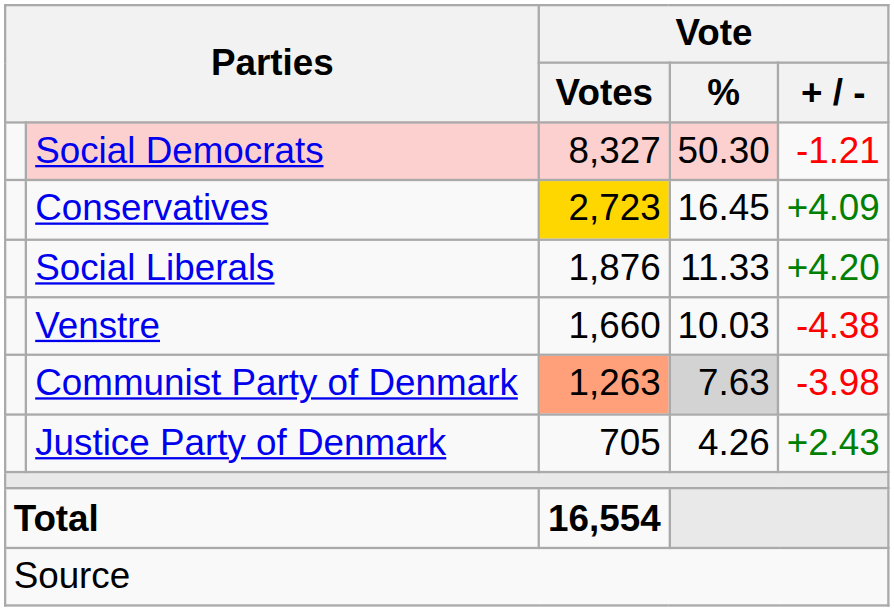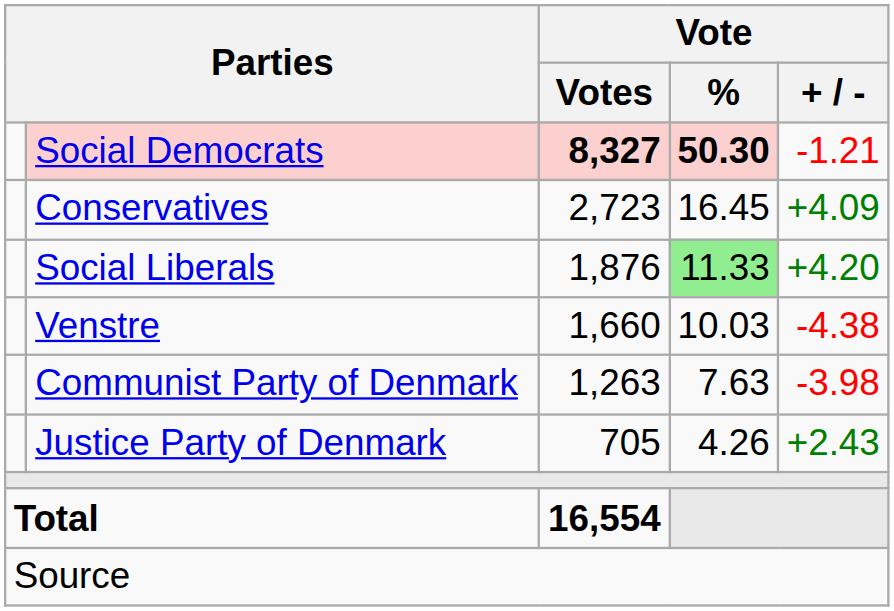 <table class="wikitable" style="text-align:right;">
 <tr>
 <th style="text-align:centre;" rowspan="2" colspan="2" width="225">Parties</th>
 <th colspan="3">Vote</th>
 </tr>
 <tr>
 <th width="15">Votes</th>
 <th width="15">%</th>
 <th width="15">+ / -</th>
 </tr>
 <tr>
 <td width="2" style="color:inherit;background:"></td>
 <td bgcolor=#fbd0ce  align="left"><a href='#'>Social Democrats</a></td>
-<td bgcolor=#fbd0ce>8,327</td>
-<td bgcolor=#fbd0ce>50.30</td>
+<td bgcolor=#fbd0ce><strong>8,327</strong></td>
+<td bgcolor=#fbd0ce><strong>50.30</strong></td>
 <td style=color:red;>-1.21</td>
 </tr>
 <tr>
 <td width="2" style="color:inherit;background:"></td>
 <td align="left"><a href='#'>Conservatives</a></td>
-<td style="background: gold;">2,723</td>
+<td>2,723</td>
 <td>16.45</td>
 <td style=color:green;>+4.09</td>
 </tr>
 <tr>
 <td width="2" style="color:inherit;background:"></td>
 <td align="left"><a href='#'>Social Liberals</a></td>
 <td>1,876</td>
-<td>11.33</td>
+<td style="background: lightgreen;">11.33</td>
 <td style=color:green;>+4.20</td>
 </tr>
 <tr>
 <td width="2" style="color:inherit;background:"></td>
 <td align="left"><a href='#'>Venstre</a></td>
 <td>1,660</td>
 <td>10.03</td>
 <td style=color:red;>-4.38</td>
 </tr>
 <tr>
 <td width="2" style="color:inherit;background:"></td>
 <td align="left"><a href='#'>Communist Party of Denmark</a></td>
-<td style="background: lightsalmon;">1,263</td>
-<td style="background: lightgrey;">7.63</td>
+<td>1,263</td>
+<td>7.63</td>
 <td style=color:red;>-3.98</td>
 </tr>
 <tr>
 <td width="2" style="color:inherit;background:"></td>
 <td align="left"><a href='#'>Justice Party of Denmark</a></td>
 <td>705</td>
 <td>4.26</td>
 <td style=color:green;>+2.43</td>
 </tr>
 <tr>
 <td colspan="7" bgcolor="#E9E9E9"></td>
 </tr>
 <tr>
 <td align="left" colspan="2"><strong>Total</strong></td>
 <td><strong>16,554</strong></td>
 <td bgcolor="#E9E9E9" colspan="2"></td>
 </tr>
 <tr>
 <td align="left" colspan="6">Source</td>
 </tr>
 </table>
